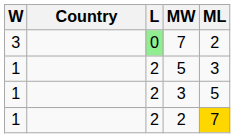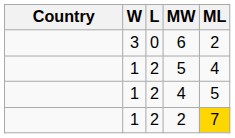 <table class="wikitable sortable" style="text-align:center">
 <tr>
+<th width=110>Country</th>
 <th>W</th>
-<th width=110>Country</th>
 <th>L</th>
 <th>MW</th>
 <th>ML</th>
 </tr>
 <tr>
+<td align=left><strong></strong></td>
 <td>3</td>
-<td align=left><strong></strong></td>
-<td style="background: lightgreen;">0</td>
-<td>7</td>
+<td>0</td>
+<td>6</td>
 <td>2</td>
 </tr>
 <tr>
+<td align=left></td>
 <td>1</td>
-<td align=left></td>
 <td>2</td>
 <td>5</td>
-<td>3</td>
+<td>4</td>
 </tr>
 <tr>
+<td align=left></td>
 <td>1</td>
-<td align=left></td>
 <td>2</td>
-<td>3</td>
+<td>4</td>
 <td>5</td>
 </tr>
 <tr>
+<td align=left></td>
 <td>1</td>
-<td align=left></td>
 <td>2</td>
 <td>2</td>
 <td style="background: gold;">7</td>
 </tr>
 </table>
